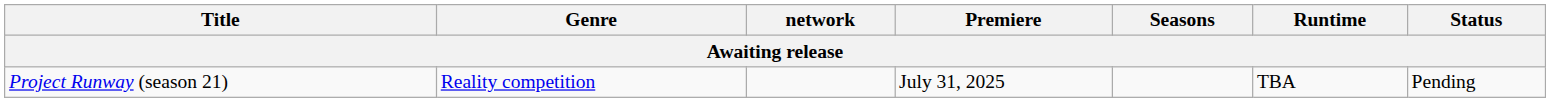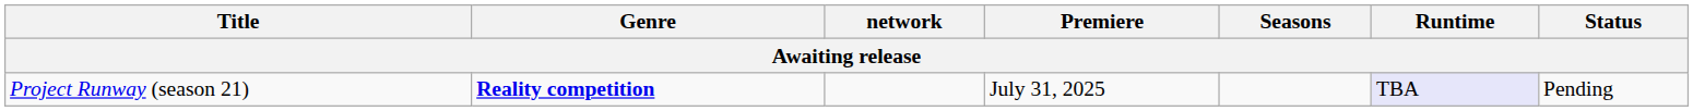 <table class="wikitable sortable" style="width:100%;">
 <tr>
 <th>Title</th>
 <th>Genre</th>
 <th> network</th>
 <th>Premiere</th>
 <th>Seasons</th>
 <th>Runtime</th>
 <th>Status</th>
 </tr>
 <tr>
 <th colspan="7">Awaiting release</th>
 </tr>
 <tr>
 <td><em><a href='#'>Project Runway</a></em> (season 21)</td>
-<td><a href='#'>Reality competition</a></td>
+<td><strong><a href='#'>Reality competition</a></strong></td>
 <td></td>
 <td>July 31, 2025</td>
 <td></td>
-<td>TBA</td>
+<td style="background: lavender;">TBA</td>
 <td>Pending</td>
 </tr>
 </table>
